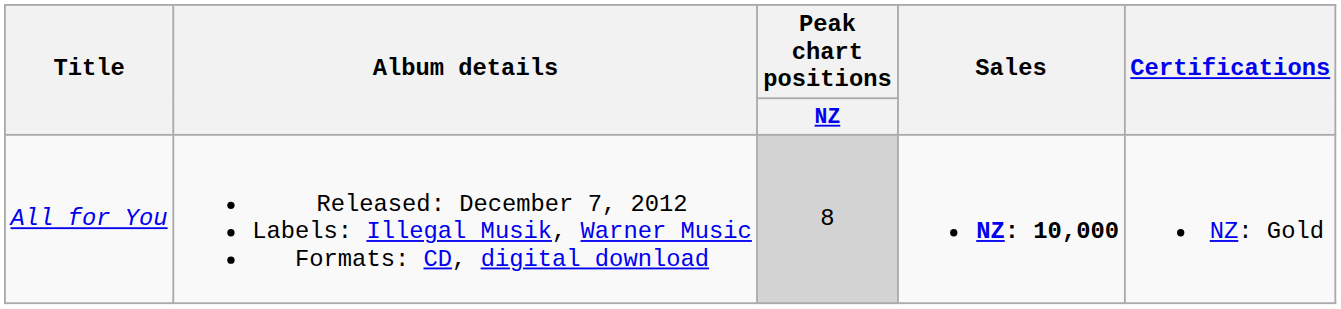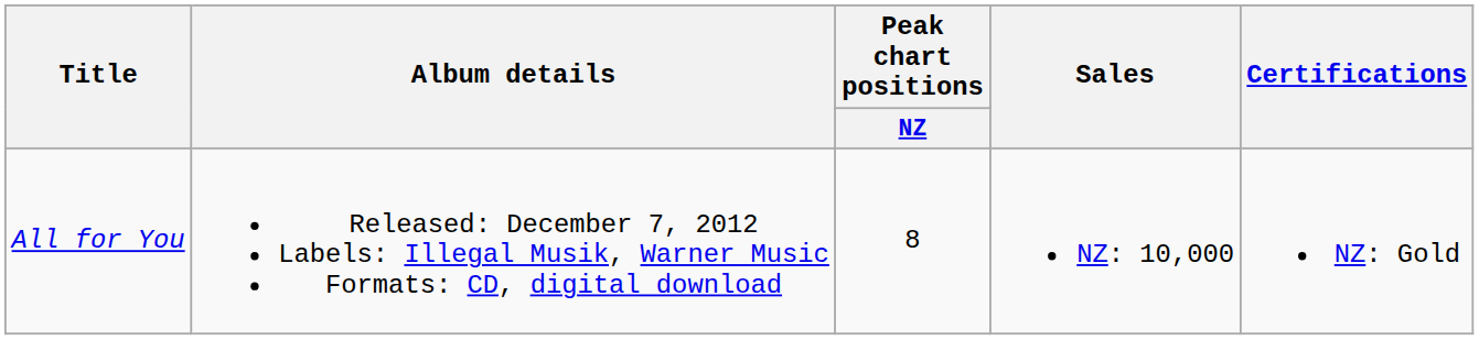 <table class="wikitable plainrowheaders" style="text-align:center;">
 <tr>
 <th scope="col" rowspan="2">Title</th>
 <th scope="col" rowspan="2">Album details</th>
 <th scope="col" colspan="1">Peak chart positions</th>
 <th scope="col" rowspan="2">Sales</th>
 <th scope="col" rowspan="2"><a href='#'>Certifications</a></th>
 </tr>
 <tr>
 <th scope="col" style="width:3em;font-size:90%;"><a href='#'>NZ</a></th>
 </tr>
 <tr>
 <td scope="row" align="left"><em><a href='#'>All for You</a></em></td>
 <td><br><ul><li>Released: December 7, 2012</li><li>Labels: <a href='#'>Illegal Musik</a>, <a href='#'>Warner Music</a></li><li>Formats: <a href='#'>CD</a>, <a href='#'>digital download</a></li></ul></td>
-<td style="background: lightgrey;">8</td>
-<td><strong><br><ul><li><a href='#'>NZ</a>: 10,000</li></ul></strong></td>
+<td>8</td>
+<td><br><ul><li><a href='#'>NZ</a>: 10,000</li></ul></td>
 <td><br><ul><li><a href='#'>NZ</a>: Gold</li></ul></td>
 </tr>
 </table>
